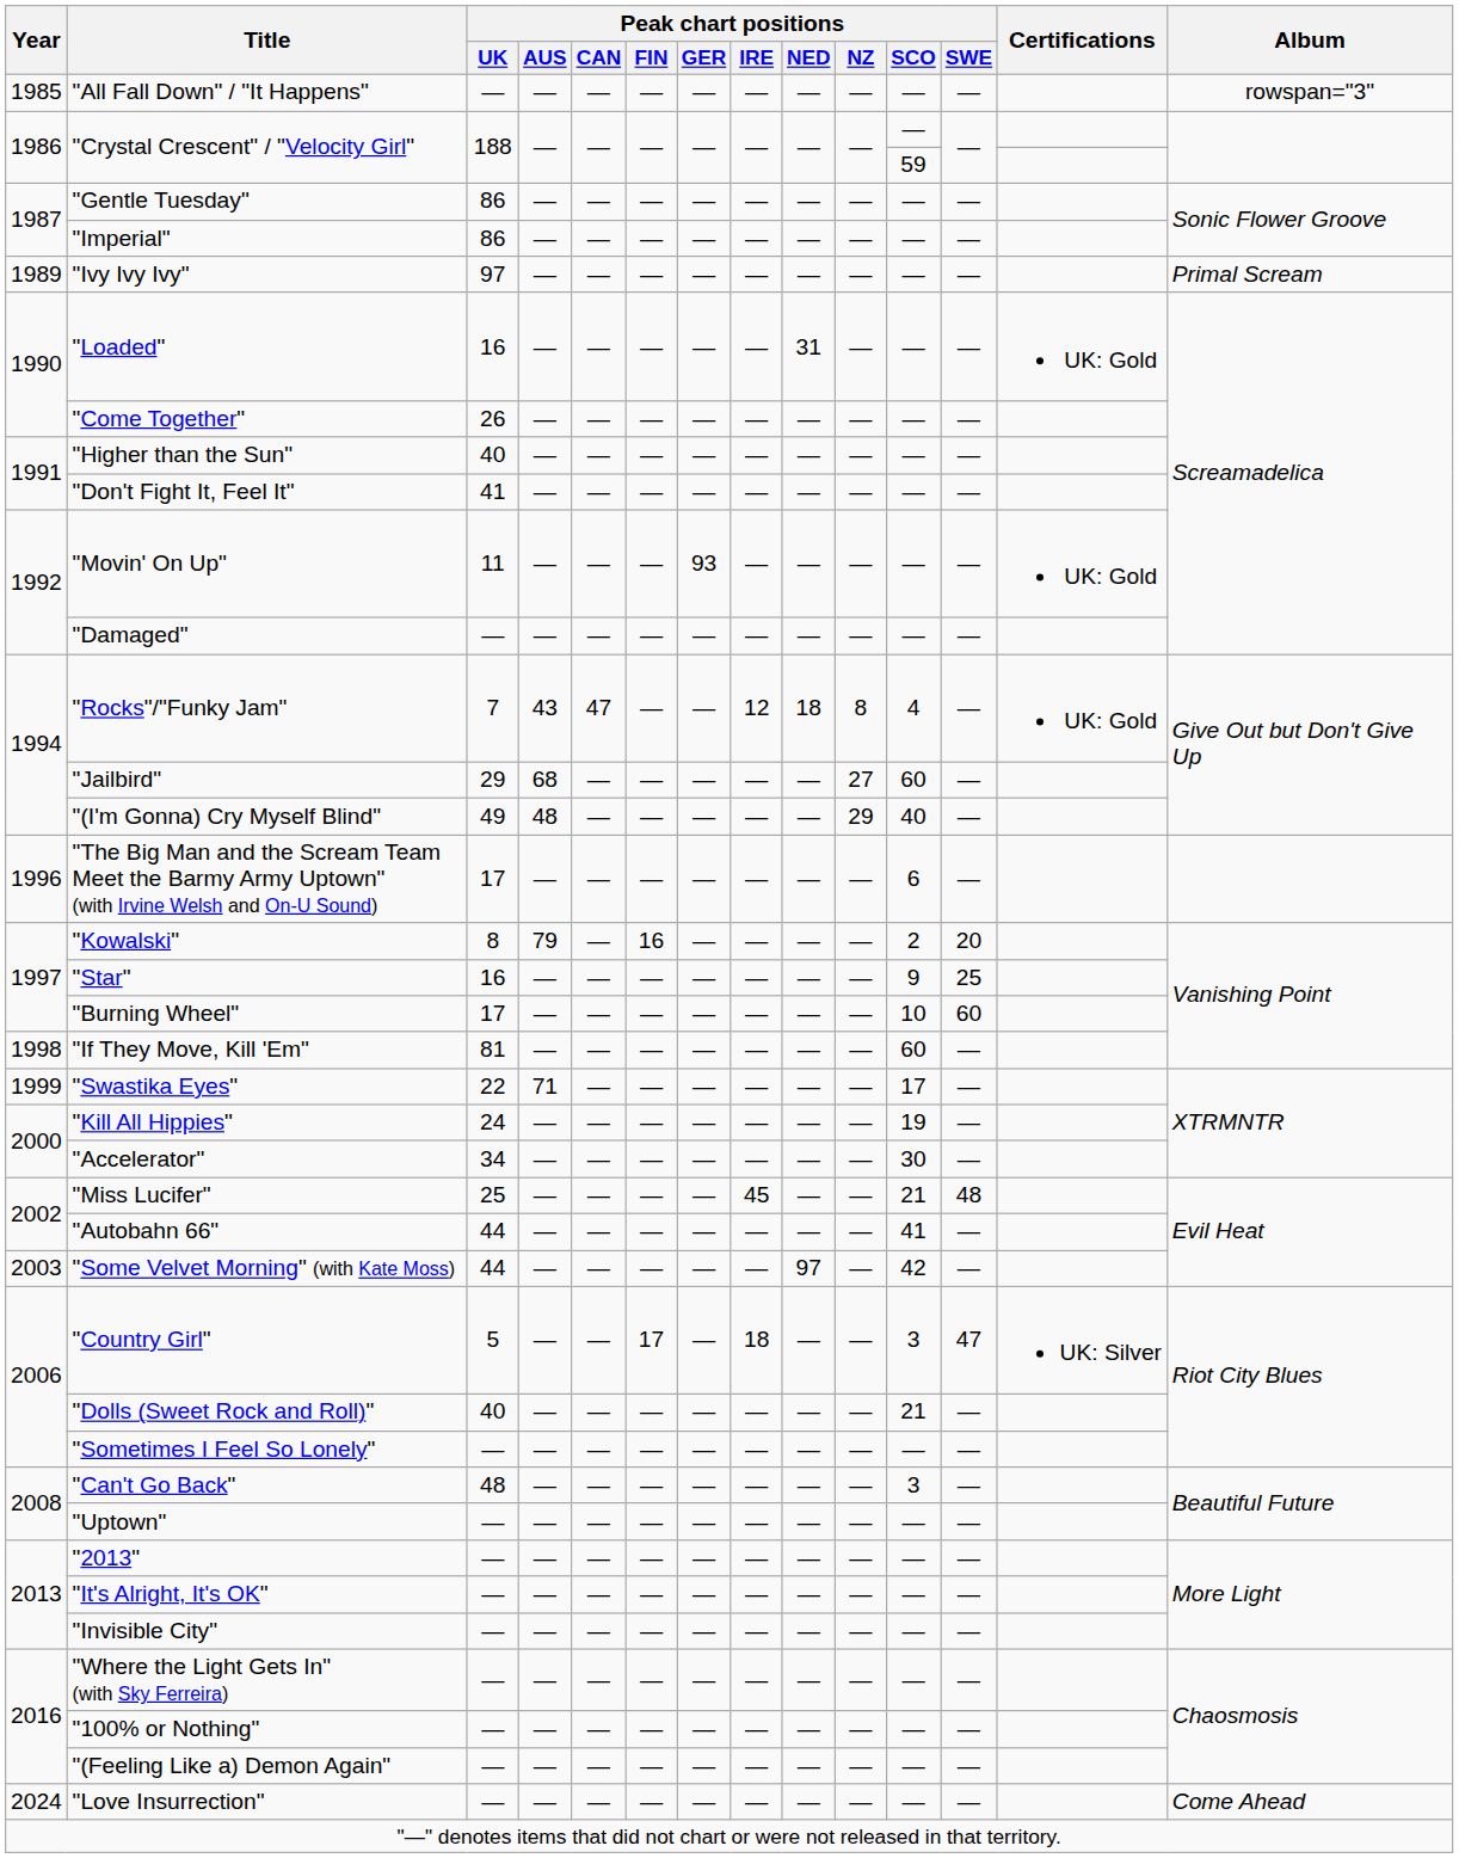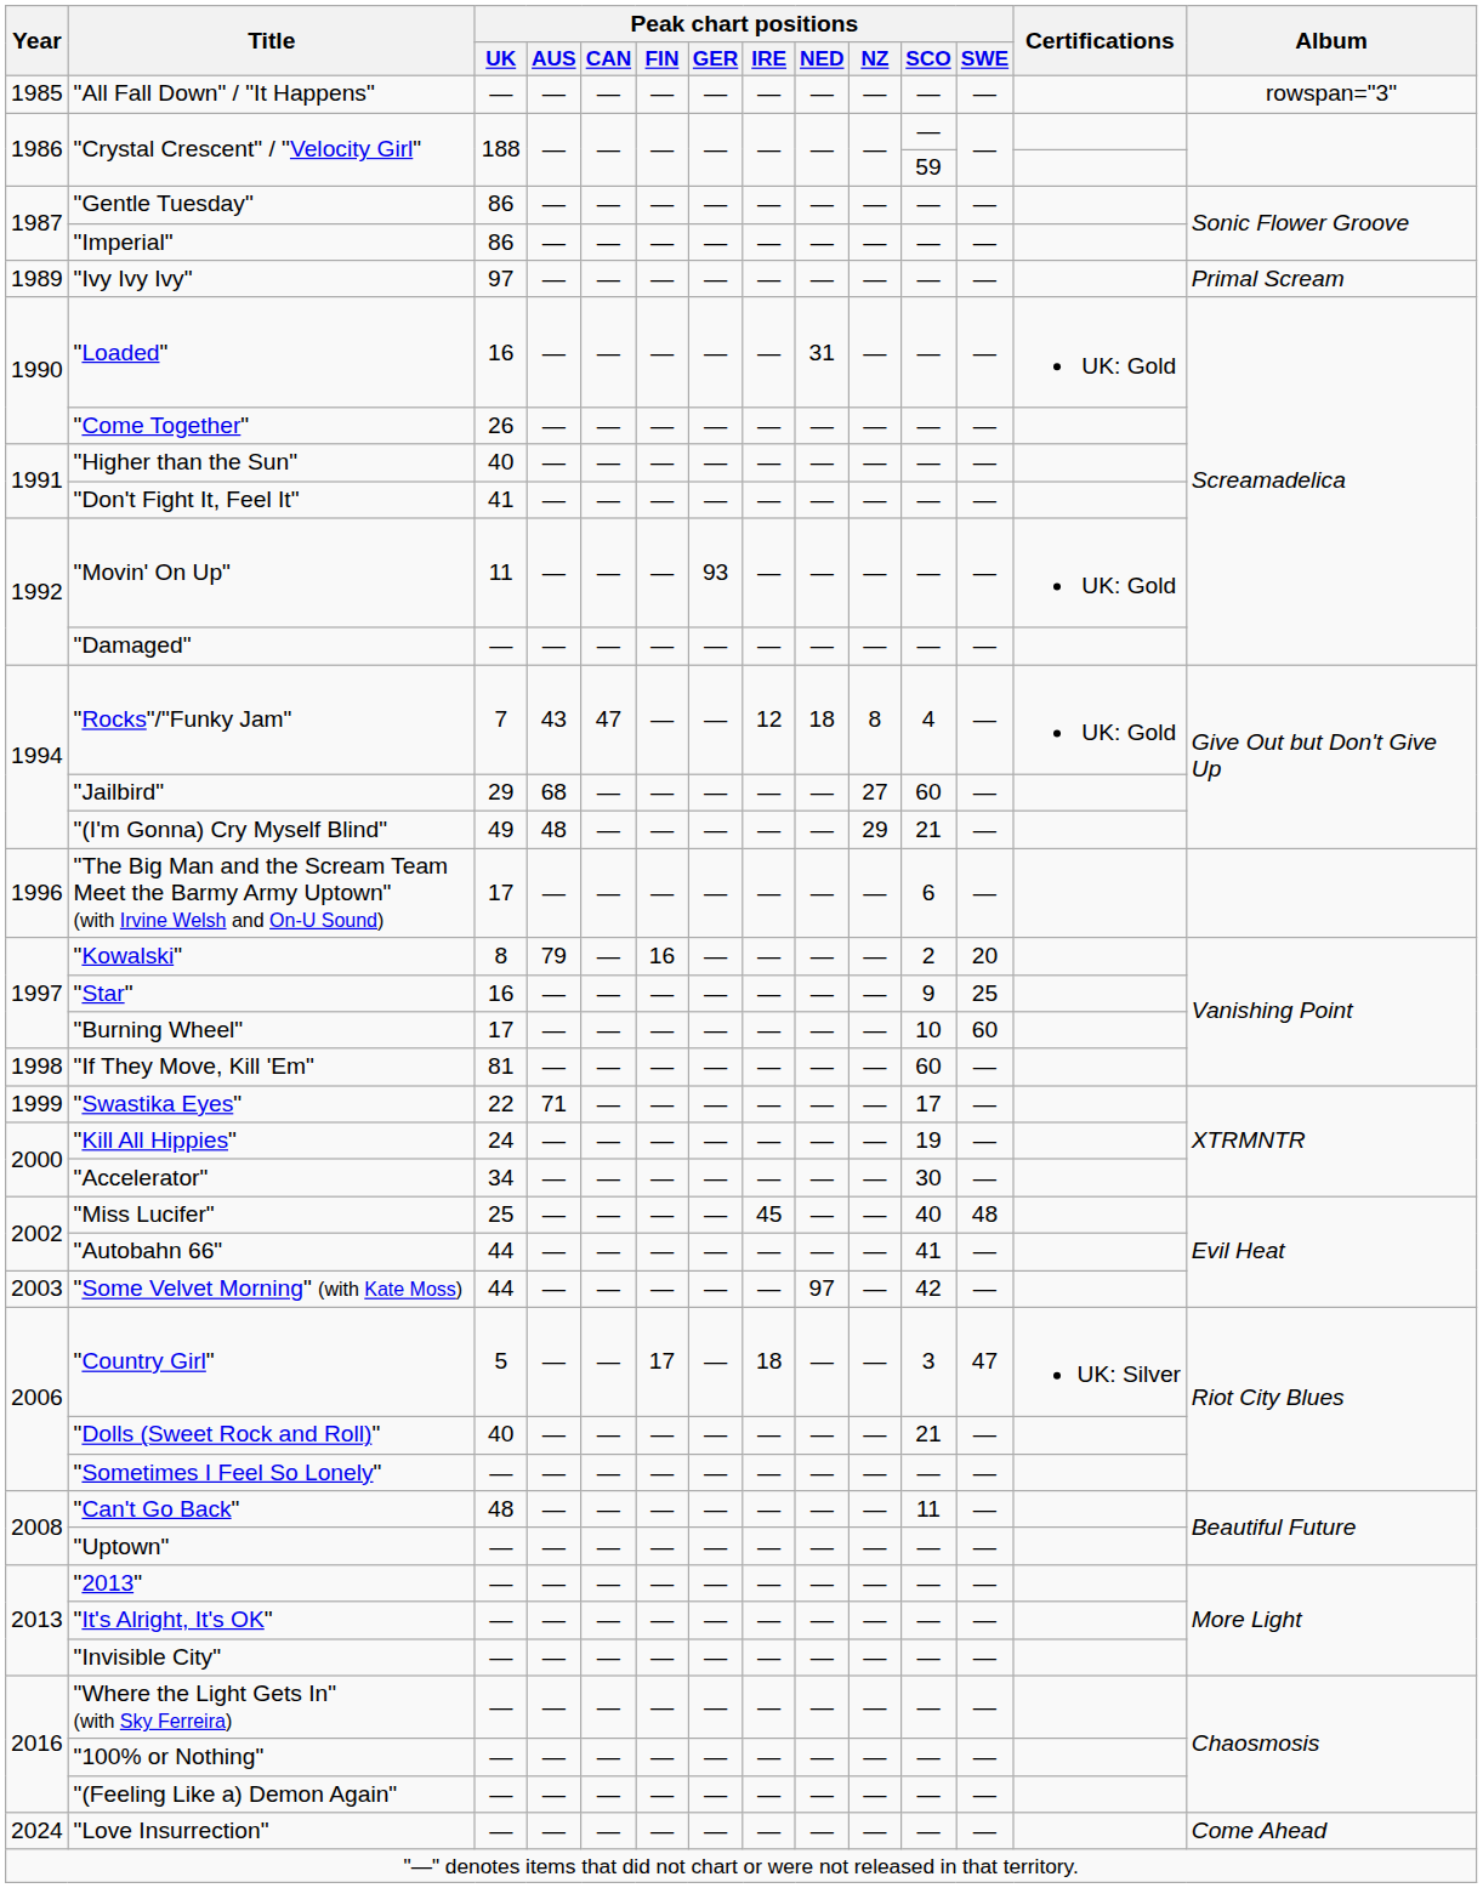 <table class="wikitable" style="text-align:center;">
 <tr>
 <th scope="col" rowspan="2" style="width:2em;">Year</th>
 <th scope="col" rowspan="2" style="width:17em;">Title</th>
 <th scope="col" colspan="10">Peak chart positions</th>
 <th scope="col" rowspan="2">Certifications</th>
 <th scope="col" rowspan="2" style="width:12em;">Album</th>
 </tr>
 <tr>
 <th scope="col" style="width:2em;font-size:90%;"><a href='#'>UK</a><br></th>
 <th style="width:2em;font-size:90%;"><a href='#'>AUS</a><br></th>
 <th scope="col" style="width:2em;font-size:90%;"><a href='#'>CAN</a><br></th>
 <th scope="col" style="width:2em;font-size:90%;"><a href='#'>FIN</a><br></th>
 <th scope="col" style="width:2em;font-size:90%;"><a href='#'>GER</a><br></th>
 <th scope="col" style="width:2em;font-size:90%;"><a href='#'>IRE</a><br></th>
 <th scope="col" style="width:2em;font-size:90%;"><a href='#'>NED</a><br></th>
 <th scope="col" style="width:2em;font-size:90%;"><a href='#'>NZ</a><br></th>
 <th scope="col" style="width:2em;font-size:90%;"><a href='#'>SCO</a><br></th>
 <th scope="col" style="width:2em;font-size:90%;"><a href='#'>SWE</a><br></th>
 </tr>
 <tr>
 <td>1985</td>
 <td style="text-align:left;">"All Fall Down" / "It Happens"</td>
 <td>—</td>
 <td>—</td>
 <td>—</td>
 <td>—</td>
 <td>—</td>
 <td>—</td>
 <td>—</td>
 <td>—</td>
 <td>—</td>
 <td>—</td>
 <td></td>
 <td>rowspan="3" </td>
 </tr>
 <tr>
 <td rowspan="2">1986</td>
 <td style="text-align:left;" rowspan="2">"Crystal Crescent" / "<a href='#'>Velocity Girl</a>"</td>
 <td rowspan="2">188</td>
 <td rowspan="2">—</td>
 <td rowspan="2">—</td>
 <td rowspan="2">—</td>
 <td rowspan="2">—</td>
 <td rowspan="2">—</td>
 <td rowspan="2">—</td>
 <td rowspan="2">—</td>
 <td>—</td>
 <td rowspan="2">—</td>
 <td></td>
 </tr>
 <tr>
 <td>59</td>
 <td></td>
 </tr>
 <tr>
 <td rowspan="2">1987</td>
 <td style="text-align:left;">"Gentle Tuesday"</td>
 <td>86</td>
 <td>—</td>
 <td>—</td>
 <td>—</td>
 <td>—</td>
 <td>—</td>
 <td>—</td>
 <td>—</td>
 <td>—</td>
 <td>—</td>
 <td></td>
 <td style="text-align:left;" rowspan="2"><em>Sonic Flower Groove</em></td>
 </tr>
 <tr>
 <td style="text-align:left;">"Imperial"</td>
 <td>86</td>
 <td>—</td>
 <td>—</td>
 <td>—</td>
 <td>—</td>
 <td>—</td>
 <td>—</td>
 <td>—</td>
 <td>—</td>
 <td>—</td>
 <td></td>
 </tr>
 <tr>
 <td>1989</td>
 <td style="text-align:left;">"Ivy Ivy Ivy"</td>
 <td>97</td>
 <td>—</td>
 <td>—</td>
 <td>—</td>
 <td>—</td>
 <td>—</td>
 <td>—</td>
 <td>—</td>
 <td>—</td>
 <td>—</td>
 <td></td>
 <td style="text-align:left;"><em>Primal Scream</em></td>
 </tr>
 <tr>
 <td rowspan="2">1990</td>
 <td style="text-align:left;">"<a href='#'>Loaded</a>"</td>
 <td>16</td>
 <td>—</td>
 <td>—</td>
 <td>—</td>
 <td>—</td>
 <td>—</td>
 <td>31</td>
 <td>—</td>
 <td>—</td>
 <td>—</td>
 <td><br><ul><li>UK: Gold</li></ul></td>
 <td style="text-align:left;" rowspan="6"><em>Screamadelica</em></td>
 </tr>
 <tr>
 <td style="text-align:left;">"<a href='#'>Come Together</a>"</td>
 <td>26</td>
 <td>—</td>
 <td>—</td>
 <td>—</td>
 <td>—</td>
 <td>—</td>
 <td>—</td>
 <td>—</td>
 <td>—</td>
 <td>—</td>
 <td></td>
 </tr>
 <tr>
 <td rowspan="2">1991</td>
 <td style="text-align:left;">"Higher than the Sun"</td>
 <td>40</td>
 <td>—</td>
 <td>—</td>
 <td>—</td>
 <td>—</td>
 <td>—</td>
 <td>—</td>
 <td>—</td>
 <td>—</td>
 <td>—</td>
 <td></td>
 </tr>
 <tr>
 <td style="text-align:left;">"Don't Fight It, Feel It"</td>
 <td>41</td>
 <td>—</td>
 <td>—</td>
 <td>—</td>
 <td>—</td>
 <td>—</td>
 <td>—</td>
 <td>—</td>
 <td>—</td>
 <td>—</td>
 <td></td>
 </tr>
 <tr>
 <td rowspan="2">1992</td>
 <td style="text-align:left;">"Movin' On Up"</td>
 <td>11</td>
 <td>—</td>
 <td>—</td>
 <td>—</td>
 <td>93</td>
 <td>—</td>
 <td>—</td>
 <td>—</td>
 <td>—</td>
 <td>—</td>
 <td><br><ul><li>UK: Gold</li></ul></td>
 </tr>
 <tr>
 <td style="text-align:left;">"Damaged"</td>
 <td>—</td>
 <td>—</td>
 <td>—</td>
 <td>—</td>
 <td>—</td>
 <td>—</td>
 <td>—</td>
 <td>—</td>
 <td>—</td>
 <td>—</td>
 <td></td>
 </tr>
 <tr>
 <td rowspan="3">1994</td>
 <td style="text-align:left;">"<a href='#'>Rocks</a>"/"Funky Jam"</td>
 <td>7</td>
 <td>43</td>
 <td>47</td>
 <td>—</td>
 <td>—</td>
 <td>12</td>
 <td>18</td>
 <td>8</td>
 <td>4</td>
 <td>—</td>
 <td><br><ul><li>UK: Gold</li></ul></td>
 <td style="text-align:left;" rowspan="3"><em>Give Out but Don't Give Up</em></td>
 </tr>
 <tr>
 <td style="text-align:left;">"Jailbird"</td>
 <td>29</td>
 <td>68</td>
 <td>—</td>
 <td>—</td>
 <td>—</td>
 <td>—</td>
 <td>—</td>
 <td>27</td>
 <td>60</td>
 <td>—</td>
 <td></td>
 </tr>
 <tr>
 <td style="text-align:left;">"(I'm Gonna) Cry Myself Blind"</td>
 <td>49</td>
 <td>48</td>
 <td>—</td>
 <td>—</td>
 <td>—</td>
 <td>—</td>
 <td>—</td>
 <td>29</td>
-<td>40</td>
+<td>21</td>
 <td>—</td>
 <td></td>
 </tr>
 <tr>
 <td>1996</td>
 <td style="text-align:left;">"The Big Man and the Scream Team<br>Meet the Barmy Army Uptown"<br><small>(with <a href='#'>Irvine Welsh</a> and <a href='#'>On-U Sound</a>)</small></td>
 <td>17</td>
 <td>—</td>
 <td>—</td>
 <td>—</td>
 <td>—</td>
 <td>—</td>
 <td>—</td>
 <td>—</td>
 <td>6</td>
 <td>—</td>
 <td></td>
 <td></td>
 </tr>
 <tr>
 <td rowspan="3">1997</td>
 <td style="text-align:left;">"<a href='#'>Kowalski</a>"</td>
 <td>8</td>
 <td>79</td>
 <td>—</td>
 <td>16</td>
 <td>—</td>
 <td>—</td>
 <td>—</td>
 <td>—</td>
 <td>2</td>
 <td>20</td>
 <td></td>
 <td style="text-align:left;" rowspan="4"><em>Vanishing Point</em></td>
 </tr>
 <tr>
 <td style="text-align:left;">"<a href='#'>Star</a>"</td>
 <td>16</td>
 <td>—</td>
 <td>—</td>
 <td>—</td>
 <td>—</td>
 <td>—</td>
 <td>—</td>
 <td>—</td>
 <td>9</td>
 <td>25</td>
 <td></td>
 </tr>
 <tr>
 <td style="text-align:left;">"Burning Wheel"</td>
 <td>17</td>
 <td>—</td>
 <td>—</td>
 <td>—</td>
 <td>—</td>
 <td>—</td>
 <td>—</td>
 <td>—</td>
 <td>10</td>
 <td>60</td>
 <td></td>
 </tr>
 <tr>
 <td>1998</td>
 <td style="text-align:left;">"If They Move, Kill 'Em"</td>
 <td>81</td>
 <td>—</td>
 <td>—</td>
 <td>—</td>
 <td>—</td>
 <td>—</td>
 <td>—</td>
 <td>—</td>
 <td>60</td>
 <td>—</td>
 <td></td>
 </tr>
 <tr>
 <td>1999</td>
 <td style="text-align:left;">"<a href='#'>Swastika Eyes</a>"</td>
 <td>22</td>
 <td>71</td>
 <td>—</td>
 <td>—</td>
 <td>—</td>
 <td>—</td>
 <td>—</td>
 <td>—</td>
 <td>17</td>
 <td>—</td>
 <td></td>
 <td style="text-align:left;" rowspan="3"><em>XTRMNTR</em></td>
 </tr>
 <tr>
 <td rowspan="2">2000</td>
 <td style="text-align:left;">"<a href='#'>Kill All Hippies</a>"</td>
 <td>24</td>
 <td>—</td>
 <td>—</td>
 <td>—</td>
 <td>—</td>
 <td>—</td>
 <td>—</td>
 <td>—</td>
 <td>19</td>
 <td>—</td>
 <td></td>
 </tr>
 <tr>
 <td style="text-align:left;">"Accelerator"</td>
 <td>34</td>
 <td>—</td>
 <td>—</td>
 <td>—</td>
 <td>—</td>
 <td>—</td>
 <td>—</td>
 <td>—</td>
 <td>30</td>
 <td>—</td>
 <td></td>
 </tr>
 <tr>
 <td rowspan="2">2002</td>
 <td style="text-align:left;">"Miss Lucifer"</td>
 <td>25</td>
 <td>—</td>
 <td>—</td>
 <td>—</td>
 <td>—</td>
 <td>45</td>
 <td>—</td>
 <td>—</td>
-<td>21</td>
+<td>40</td>
 <td>48</td>
 <td></td>
 <td style="text-align:left;" rowspan="3"><em>Evil Heat</em></td>
 </tr>
 <tr>
 <td style="text-align:left;">"Autobahn 66"</td>
 <td>44</td>
 <td>—</td>
 <td>—</td>
 <td>—</td>
 <td>—</td>
 <td>—</td>
 <td>—</td>
 <td>—</td>
 <td>41</td>
 <td>—</td>
 <td></td>
 </tr>
 <tr>
 <td>2003</td>
 <td style="text-align:left;">"<a href='#'>Some Velvet Morning</a>" <small>(with <a href='#'>Kate Moss</a>)</small></td>
 <td>44</td>
 <td>—</td>
 <td>—</td>
 <td>—</td>
 <td>—</td>
 <td>—</td>
 <td>97</td>
 <td>—</td>
 <td>42</td>
 <td>—</td>
 <td></td>
 </tr>
 <tr>
 <td rowspan="3">2006</td>
 <td style="text-align:left;">"<a href='#'>Country Girl</a>"</td>
 <td>5</td>
 <td>—</td>
 <td>—</td>
 <td>17</td>
 <td>—</td>
 <td>18</td>
 <td>—</td>
 <td>—</td>
 <td>3</td>
 <td>47</td>
 <td><br><ul><li>UK: Silver</li></ul></td>
 <td style="text-align:left;" rowspan="3"><em>Riot City Blues</em></td>
 </tr>
 <tr>
 <td style="text-align:left;">"<a href='#'>Dolls (Sweet Rock and Roll)</a>"</td>
 <td>40</td>
 <td>—</td>
 <td>—</td>
 <td>—</td>
 <td>—</td>
 <td>—</td>
 <td>—</td>
 <td>—</td>
 <td>21</td>
 <td>—</td>
 <td></td>
 </tr>
 <tr>
 <td style="text-align:left;">"<a href='#'>Sometimes I Feel So Lonely</a>"</td>
 <td>—</td>
 <td>—</td>
 <td>—</td>
 <td>—</td>
 <td>—</td>
 <td>—</td>
 <td>—</td>
 <td>—</td>
 <td>—</td>
 <td>—</td>
 <td></td>
 </tr>
 <tr>
 <td rowspan="2">2008</td>
 <td style="text-align:left;">"<a href='#'>Can't Go Back</a>"</td>
 <td>48</td>
 <td>—</td>
 <td>—</td>
 <td>—</td>
 <td>—</td>
 <td>—</td>
 <td>—</td>
 <td>—</td>
-<td>3</td>
+<td>11</td>
 <td>—</td>
 <td></td>
 <td style="text-align:left;" rowspan="2"><em>Beautiful Future</em></td>
 </tr>
 <tr>
 <td style="text-align:left;">"Uptown"</td>
 <td>—</td>
 <td>—</td>
 <td>—</td>
 <td>—</td>
 <td>—</td>
 <td>—</td>
 <td>—</td>
 <td>—</td>
 <td>—</td>
 <td>—</td>
 <td></td>
 </tr>
 <tr>
 <td rowspan="3">2013</td>
 <td style="text-align:left;">"<a href='#'>2013</a>"</td>
 <td>—</td>
 <td>—</td>
 <td>—</td>
 <td>—</td>
 <td>—</td>
 <td>—</td>
 <td>—</td>
 <td>—</td>
 <td>—</td>
 <td>—</td>
 <td></td>
 <td style="text-align:left;" rowspan="3"><em>More Light</em></td>
 </tr>
 <tr>
 <td style="text-align:left;">"<a href='#'>It's Alright, It's OK</a>"</td>
 <td>—</td>
 <td>—</td>
 <td>—</td>
 <td>—</td>
 <td>—</td>
 <td>—</td>
 <td>—</td>
 <td>—</td>
 <td>—</td>
 <td>—</td>
 <td></td>
 </tr>
 <tr>
 <td style="text-align:left;">"Invisible City"</td>
 <td>—</td>
 <td>—</td>
 <td>—</td>
 <td>—</td>
 <td>—</td>
 <td>—</td>
 <td>—</td>
 <td>—</td>
 <td>—</td>
 <td>—</td>
 <td></td>
 </tr>
 <tr>
 <td rowspan="3">2016</td>
 <td style="text-align:left;">"Where the Light Gets In"<br><small>(with <a href='#'>Sky Ferreira</a>)</small></td>
 <td>—</td>
 <td>—</td>
 <td>—</td>
 <td>—</td>
 <td>—</td>
 <td>—</td>
 <td>—</td>
 <td>—</td>
 <td>—</td>
 <td>—</td>
 <td></td>
 <td style="text-align:left;" rowspan="3"><em>Chaosmosis</em></td>
 </tr>
 <tr>
 <td style="text-align:left;">"100% or Nothing"</td>
 <td>—</td>
 <td>—</td>
 <td>—</td>
 <td>—</td>
 <td>—</td>
 <td>—</td>
 <td>—</td>
 <td>—</td>
 <td>—</td>
 <td>—</td>
 <td></td>
 </tr>
 <tr>
 <td style="text-align:left;">"(Feeling Like a) Demon Again"</td>
 <td>—</td>
 <td>—</td>
 <td>—</td>
 <td>—</td>
 <td>—</td>
 <td>—</td>
 <td>—</td>
 <td>—</td>
 <td>—</td>
 <td>—</td>
 <td></td>
 </tr>
 <tr>
 <td>2024</td>
 <td style="text-align:left;">"Love Insurrection"</td>
 <td>—</td>
 <td>—</td>
 <td>—</td>
 <td>—</td>
 <td>—</td>
 <td>—</td>
 <td>—</td>
 <td>—</td>
 <td>—</td>
 <td>—</td>
 <td></td>
 <td style="text-align:left;"><em>Come Ahead</em></td>
 </tr>
 <tr>
 <td colspan="15" style="font-size:90%">"—" denotes items that did not chart or were not released in that territory.</td>
 </tr>
 </table>
